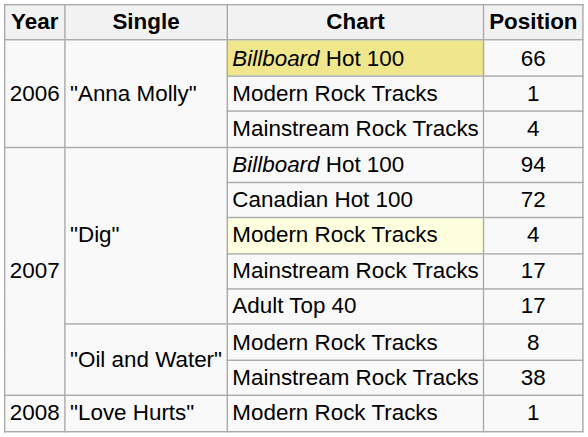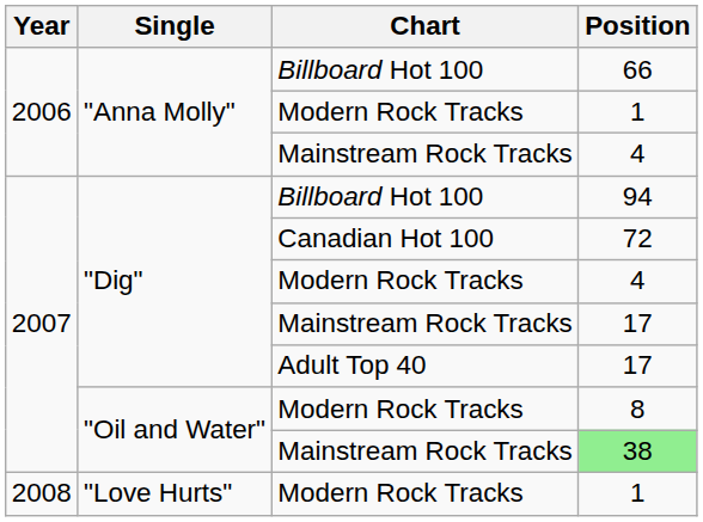 <table class="wikitable">
 <tr>
 <th>Year</th>
 <th>Single</th>
 <th>Chart</th>
 <th>Position</th>
 </tr>
 <tr>
 <td rowspan="3">2006</td>
 <td rowspan="3">"Anna Molly"</td>
-<td style="background: khaki;"><em>Billboard</em> Hot 100</td>
+<td><em>Billboard</em> Hot 100</td>
 <td style="text-align:center;">66</td>
 </tr>
 <tr>
 <td>Modern Rock Tracks</td>
 <td style="text-align:center;">1</td>
 </tr>
 <tr>
 <td>Mainstream Rock Tracks</td>
 <td style="text-align:center;">4</td>
 </tr>
 <tr>
 <td rowspan="7">2007</td>
 <td rowspan="5">"Dig"</td>
 <td><em>Billboard</em> Hot 100</td>
 <td style="text-align:center;">94</td>
 </tr>
 <tr>
 <td>Canadian Hot 100</td>
 <td style="text-align:center;">72</td>
 </tr>
 <tr>
-<td style="background: lightyellow;">Modern Rock Tracks</td>
+<td>Modern Rock Tracks</td>
 <td style="text-align:center;">4</td>
 </tr>
 <tr>
 <td>Mainstream Rock Tracks</td>
 <td style="text-align:center;">17</td>
 </tr>
 <tr>
 <td>Adult Top 40</td>
 <td style="text-align:center;">17</td>
 </tr>
 <tr>
 <td rowspan="2">"Oil and Water"</td>
 <td>Modern Rock Tracks</td>
 <td style="text-align:center;">8</td>
 </tr>
 <tr>
 <td>Mainstream Rock Tracks</td>
-<td style="text-align:center;">38</td>
+<td style="background: lightgreen; text-align:center;">38</td>
 </tr>
 <tr>
 <td>2008</td>
 <td>"Love Hurts"</td>
 <td>Modern Rock Tracks</td>
 <td style="text-align:center;">1</td>
 </tr>
 </table>
